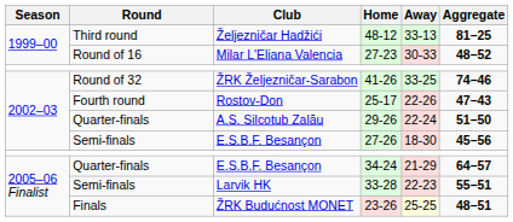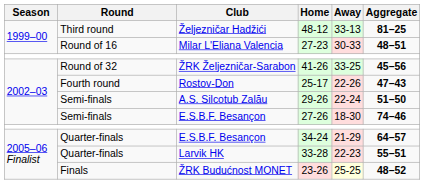 <table class="wikitable">
 <tr>
 <th width=75>Season</th>
 <th width=175>Round</th>
 <th>Club</th>
 <th>Home</th>
 <th>Away</th>
 <th>Aggregate</th>
 </tr>
 <tr>
 <td rowspan=2><a href='#'>1999–00</a></td>
 <td>Third round</td>
 <td> <a href='#'>Željezničar Hadžići</a></td>
 <td style="text-align:center; background:#dfd;">48-12</td>
 <td style="text-align:center; background:#dfd;">33-13</td>
 <td style="text-align:center;"><strong>81–25</strong></td>
 </tr>
 <tr>
 <td>Round of 16</td>
 <td> <a href='#'>Milar L'Eliana Valencia</a></td>
 <td style="text-align:center; background:#dfd;">27-23</td>
 <td style="text-align:center; background:#fdd;">30-33</td>
-<td style="text-align:center;"><strong>48–52</strong></td>
+<td style="text-align:center;"><strong>48–51</strong></td>
 </tr>
 <tr>
 <td colspan=7 style="text-align: center;" bgcolor=white></td>
 </tr>
 <tr>
 <td rowspan=4><a href='#'>2002–03</a></td>
 <td>Round of 32</td>
 <td> <a href='#'>ŽRK Željezničar-Sarabon</a></td>
 <td style="text-align:center; background:#dfd;">41-26</td>
 <td style="text-align:center; background:#dfd;">33-25</td>
-<td style="text-align:center;"><strong>74–46</strong></td>
+<td style="text-align:center;"><strong>45–56</strong></td>
 </tr>
 <tr>
 <td>Fourth round</td>
 <td> <a href='#'>Rostov-Don</a></td>
 <td style="text-align:center; background:#dfd;">25-17</td>
 <td style="text-align:center; background:#fdd;">22-26</td>
 <td style="text-align:center;"><strong>47–43</strong></td>
 </tr>
 <tr>
-<td>Quarter-finals</td>
+<td>Semi-finals</td>
 <td> <a href='#'>A.S. Silcotub Zalău</a></td>
 <td style="text-align:center; background:#dfd;">29-26</td>
 <td style="text-align:center; background:#fdd;">22-24</td>
 <td style="text-align:center;"><strong>51–50</strong></td>
 </tr>
 <tr>
 <td>Semi-finals</td>
 <td> <a href='#'>E.S.B.F. Besançon</a></td>
 <td style="text-align:center; background:#dfd;">27-26</td>
 <td style="text-align:center; background:#fdd;">18-30</td>
-<td style="text-align:center;"><strong>45–56</strong></td>
+<td style="text-align:center;"><strong>74–46</strong></td>
 </tr>
 <tr>
 <td colspan=7 style="text-align: center;" bgcolor=white></td>
 </tr>
 <tr>
 <td rowspan=3><a href='#'>2005–06</a><br> <em>Finalist</em></td>
 <td>Quarter-finals</td>
 <td> <a href='#'>E.S.B.F. Besançon</a></td>
 <td style="text-align:center; background:#dfd;">34-24</td>
 <td style="text-align:center; background:#fdd;">21-29</td>
 <td style="text-align:center;"><strong>64–57</strong></td>
 </tr>
 <tr>
-<td>Semi-finals</td>
+<td>Quarter-finals</td>
 <td> <a href='#'>Larvik HK</a></td>
 <td style="text-align:center; background:#dfd;">33-28</td>
 <td style="text-align:center; background:#fdd;">22-23</td>
 <td style="text-align:center;"><strong>55–51</strong></td>
 </tr>
 <tr>
 <td>Finals</td>
 <td> <a href='#'>ŽRK Budućnost MONET</a></td>
 <td style="text-align:center; background:#fdd;">23-26</td>
 <td style="text-align:center; background:#ffd;">25-25</td>
-<td style="text-align:center;"><strong>48–51</strong></td>
+<td style="text-align:center;"><strong>48–52</strong></td>
 </tr>
 </table>
